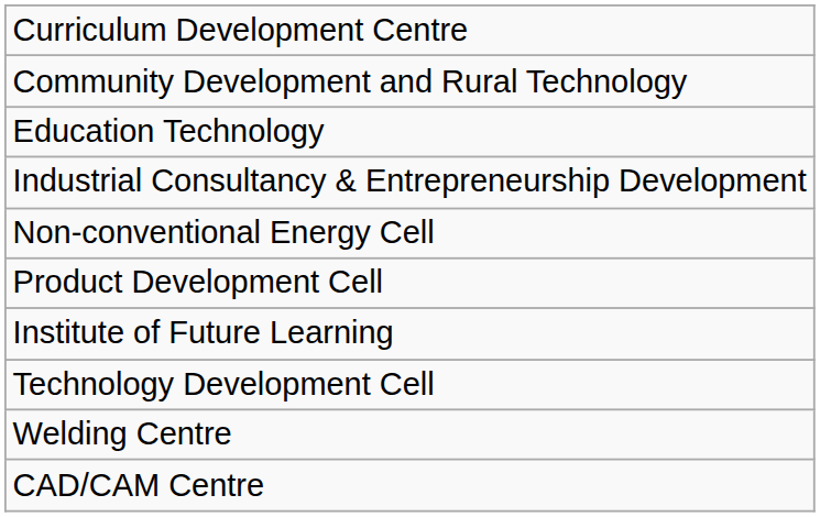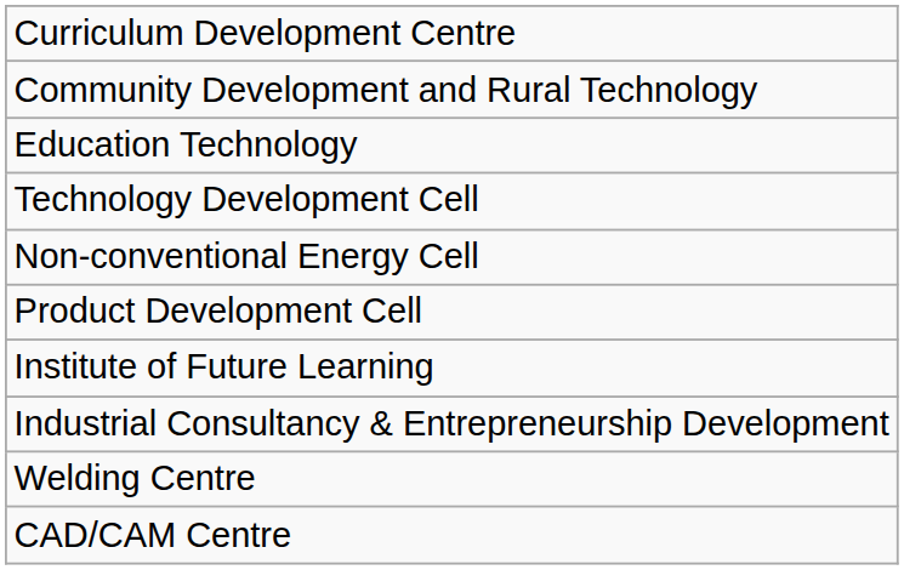 <table class="wikitable">
 <tr>
 <td>Curriculum Development Centre</td>
 </tr>
 <tr>
 <td>Community Development and Rural Technology</td>
 </tr>
 <tr>
 <td>Education Technology</td>
 </tr>
 <tr>
-<td>Industrial Consultancy & Entrepreneurship Development</td>
+<td>Technology Development Cell</td>
 </tr>
 <tr>
 <td>Non-conventional Energy Cell</td>
 </tr>
 <tr>
 <td>Product Development Cell</td>
 </tr>
 <tr>
 <td>Institute of Future Learning</td>
 </tr>
 <tr>
-<td>Technology Development Cell</td>
+<td>Industrial Consultancy & Entrepreneurship Development</td>
 </tr>
 <tr>
 <td>Welding Centre</td>
 </tr>
 <tr>
 <td>CAD/CAM Centre</td>
 </tr>
 </table>
